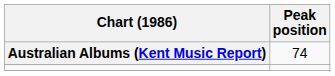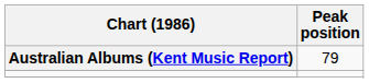 <table class="wikitable sortable plainrowheaders">
 <tr>
 <th scope="col">Chart (1986)</th>
 <th scope="col">Peak<br>position</th>
 </tr>
 <tr>
 <th scope="row">Australian Albums (<a href='#'>Kent Music Report</a>)</th>
-<td style="text-align:center;">74</td>
+<td style="text-align:center;">79</td>
 </tr>
 <tr>
 </tr>
 <tr>
 </tr>
 <tr>
 <td></td>
 </tr>
 <tr>
 </tr>
 </table>
